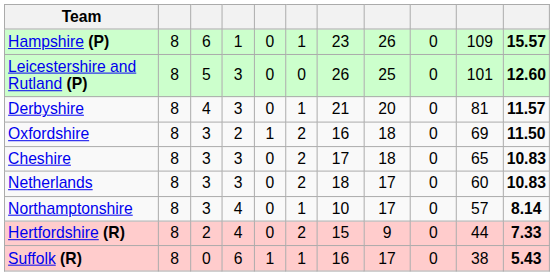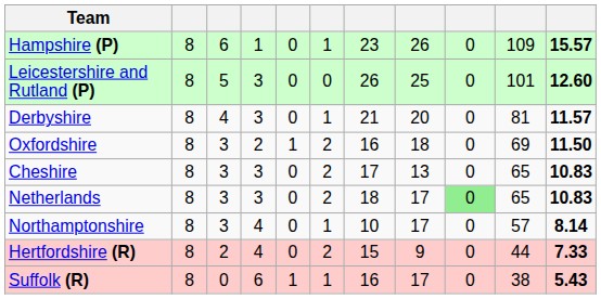 <table class="wikitable" style="text-align:center">
 <tr>
 <th width="150">Team</th>
 <th width="25"></th>
 <th width="25"></th>
 <th width="25"></th>
 <th width="25"></th>
 <th width="25"></th>
 <th width="40"></th>
 <th width="40"></th>
 <th width="40"></th>
 <th width="40"></th>
 <th width="40"></th>
 </tr>
 <tr style="background:#cfc;">
 <td style="text-align:left"><a href='#'>Hampshire</a> <strong>(P)</strong></td>
 <td>8</td>
 <td>6</td>
 <td>1</td>
 <td>0</td>
 <td>1</td>
 <td>23</td>
 <td>26</td>
 <td>0</td>
 <td>109</td>
 <td><strong>15.57</strong></td>
 </tr>
 <tr style="background:#cfc;">
 <td style="text-align:left"><a href='#'>Leicestershire and Rutland</a> <strong>(P)</strong></td>
 <td>8</td>
 <td>5</td>
 <td>3</td>
 <td>0</td>
 <td>0</td>
 <td>26</td>
 <td>25</td>
 <td>0</td>
 <td>101</td>
 <td><strong>12.60</strong></td>
 </tr>
 <tr>
 <td style="text-align:left"><a href='#'>Derbyshire</a></td>
 <td>8</td>
 <td>4</td>
 <td>3</td>
 <td>0</td>
 <td>1</td>
 <td>21</td>
 <td>20</td>
 <td>0</td>
 <td>81</td>
 <td><strong>11.57</strong></td>
 </tr>
 <tr>
 <td style="text-align:left"><a href='#'>Oxfordshire</a></td>
 <td>8</td>
 <td>3</td>
 <td>2</td>
 <td>1</td>
 <td>2</td>
 <td>16</td>
 <td>18</td>
 <td>0</td>
 <td>69</td>
 <td><strong>11.50</strong></td>
 </tr>
 <tr>
 <td style="text-align:left"><a href='#'>Cheshire</a></td>
 <td>8</td>
 <td>3</td>
 <td>3</td>
 <td>0</td>
 <td>2</td>
 <td>17</td>
-<td>18</td>
+<td>13</td>
 <td>0</td>
 <td>65</td>
 <td><strong>10.83</strong></td>
 </tr>
 <tr>
 <td style="text-align:left"><a href='#'>Netherlands</a></td>
 <td>8</td>
 <td>3</td>
 <td>3</td>
 <td>0</td>
 <td>2</td>
 <td>18</td>
 <td>17</td>
-<td>0</td>
-<td>60</td>
+<td style="background: lightgreen;">0</td>
+<td>65</td>
 <td><strong>10.83</strong></td>
 </tr>
 <tr>
 <td style="text-align:left"><a href='#'>Northamptonshire</a></td>
 <td>8</td>
 <td>3</td>
 <td>4</td>
 <td>0</td>
 <td>1</td>
 <td>10</td>
 <td>17</td>
 <td>0</td>
 <td>57</td>
 <td><strong>8.14</strong></td>
 </tr>
 <tr style="background:#FFCCCC">
 <td style="text-align:left"><a href='#'>Hertfordshire</a> <strong>(R)</strong></td>
 <td>8</td>
 <td>2</td>
 <td>4</td>
 <td>0</td>
 <td>2</td>
 <td>15</td>
 <td>9</td>
 <td>0</td>
 <td>44</td>
 <td><strong>7.33</strong></td>
 </tr>
 <tr style="background:#FFCCCC">
 <td style="text-align:left"><a href='#'>Suffolk</a> <strong>(R)</strong></td>
 <td>8</td>
 <td>0</td>
 <td>6</td>
 <td>1</td>
 <td>1</td>
 <td>16</td>
 <td>17</td>
 <td>0</td>
 <td>38</td>
 <td><strong>5.43</strong></td>
 </tr>
 </table>
